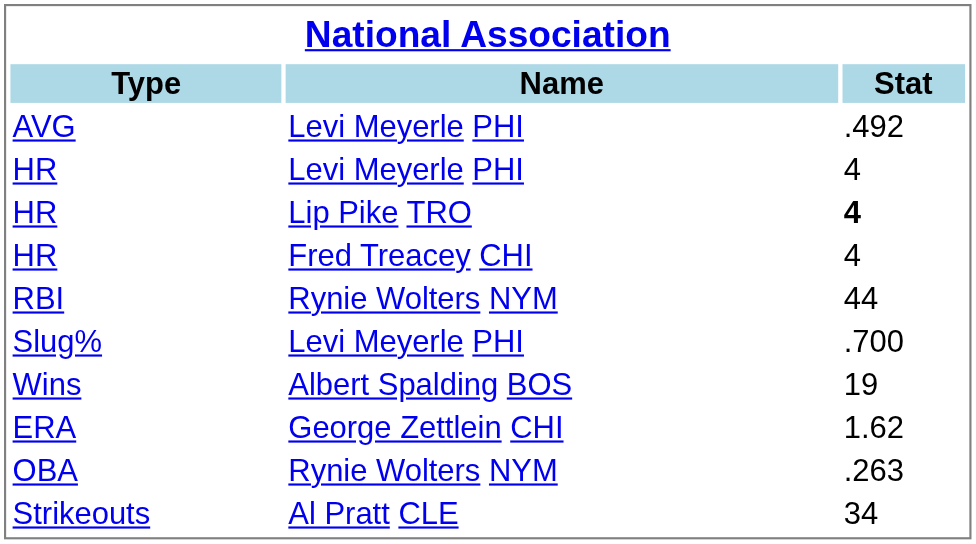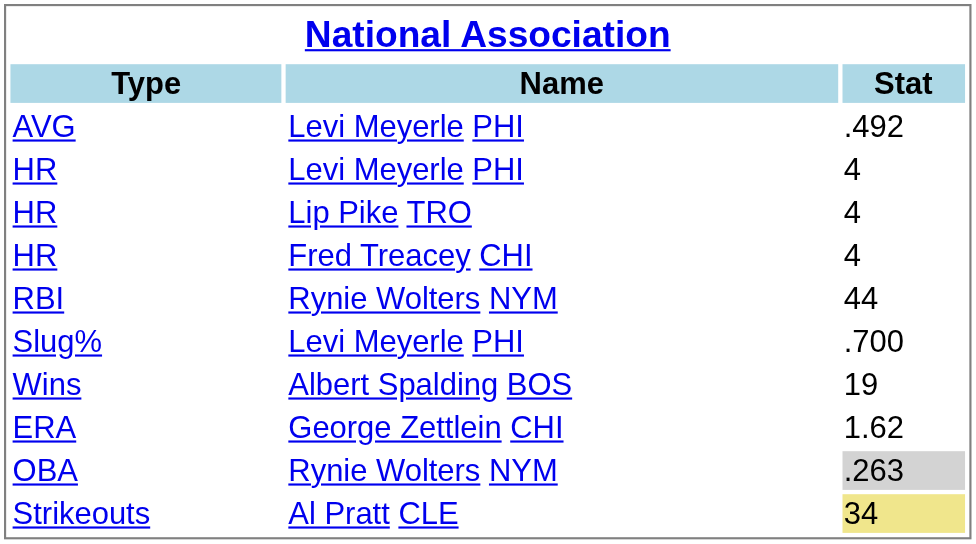 <table cellpadding="1" width="450px" style="font-size: 90%; border: 1px solid gray;">
 <tr align="center" style="font-size: larger;">
 <td colspan=3><strong><a href='#'>National Association</a></strong></td>
 </tr>
 <tr>
 <th style="background:lightblue;">Type</th>
 <th style="background:lightblue;">Name</th>
 <th style="background:lightblue;">Stat</th>
 </tr>
 <tr>
 <td><a href='#'>AVG</a></td>
 <td><a href='#'>Levi Meyerle</a> <a href='#'>PHI</a></td>
 <td>.492</td>
 </tr>
 <tr>
 <td><a href='#'>HR</a></td>
 <td><a href='#'>Levi Meyerle</a> <a href='#'>PHI</a></td>
 <td>4</td>
 </tr>
 <tr>
 <td><a href='#'>HR</a></td>
 <td><a href='#'>Lip Pike</a> <a href='#'>TRO</a></td>
-<td><strong>4</strong></td>
+<td>4</td>
 </tr>
 <tr>
 <td><a href='#'>HR</a></td>
 <td><a href='#'>Fred Treacey</a> <a href='#'>CHI</a></td>
 <td>4</td>
 </tr>
 <tr>
 <td><a href='#'>RBI</a></td>
 <td><a href='#'>Rynie Wolters</a> <a href='#'>NYM</a></td>
 <td>44</td>
 </tr>
 <tr>
 <td><a href='#'>Slug%</a></td>
 <td><a href='#'>Levi Meyerle</a> <a href='#'>PHI</a></td>
 <td>.700</td>
 </tr>
 <tr>
 <td><a href='#'>Wins</a></td>
 <td><a href='#'>Albert Spalding</a> <a href='#'>BOS</a></td>
 <td>19</td>
 </tr>
 <tr>
 <td><a href='#'>ERA</a></td>
 <td><a href='#'>George Zettlein</a> <a href='#'>CHI</a></td>
 <td>1.62</td>
 </tr>
 <tr>
 <td><a href='#'>OBA</a></td>
 <td><a href='#'>Rynie Wolters</a> <a href='#'>NYM</a></td>
-<td>.263</td>
+<td style="background: lightgrey;">.263</td>
 </tr>
 <tr>
 <td><a href='#'>Strikeouts</a></td>
 <td><a href='#'>Al Pratt</a> <a href='#'>CLE</a></td>
-<td>34</td>
+<td style="background: khaki;">34</td>
 </tr>
 </table>
